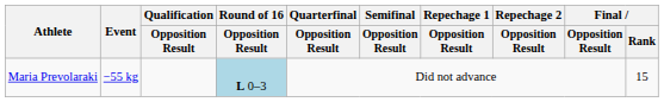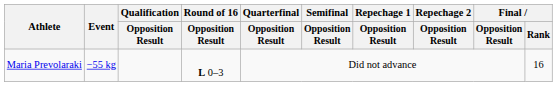 <table class="wikitable" style="font-size:90%">
 <tr>
 <th rowspan=2>Athlete</th>
 <th rowspan=2>Event</th>
 <th>Qualification</th>
 <th>Round of 16</th>
 <th>Quarterfinal</th>
 <th>Semifinal</th>
 <th>Repechage 1</th>
 <th>Repechage 2</th>
 <th colspan=2>Final / </th>
 </tr>
 <tr style="font-size: 95%">
 <th>Opposition<br>Result</th>
 <th>Opposition<br>Result</th>
 <th>Opposition<br>Result</th>
 <th>Opposition<br>Result</th>
 <th>Opposition<br>Result</th>
 <th>Opposition<br>Result</th>
 <th>Opposition<br>Result</th>
 <th>Rank</th>
 </tr>
 <tr align=center>
 <td align=left><a href='#'>Maria Prevolaraki</a></td>
 <td align=left><a href='#'>−55 kg</a></td>
 <td></td>
-<td style="background: lightblue;"><br><strong>L</strong> 0–3 <sup></sup></td>
+<td><br><strong>L</strong> 0–3 <sup></sup></td>
 <td colspan=5>Did not advance</td>
-<td>15</td>
+<td>16</td>
 </tr>
 </table>
